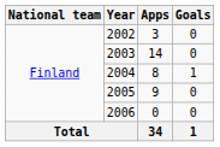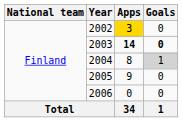 <table class=wikitable style="text-align: center">
 <tr>
 <th>National team</th>
 <th>Year</th>
 <th>Apps</th>
 <th>Goals</th>
 </tr>
 <tr>
 <td rowspan=5><a href='#'>Finland</a></td>
 <td>2002</td>
-<td>3</td>
+<td style="background: gold;">3</td>
 <td>0</td>
 </tr>
 <tr>
 <td>2003</td>
-<td>14</td>
-<td>0</td>
+<td><strong>14</strong></td>
+<td><strong>0</strong></td>
 </tr>
 <tr>
 <td>2004</td>
 <td>8</td>
-<td>1</td>
+<td style="background: lightgrey;">1</td>
 </tr>
 <tr>
 <td>2005</td>
 <td>9</td>
 <td>0</td>
 </tr>
 <tr>
 <td>2006</td>
 <td>0</td>
 <td>0</td>
 </tr>
 <tr>
 <th colspan=2>Total</th>
 <th>34</th>
 <th>1</th>
 </tr>
 </table>
